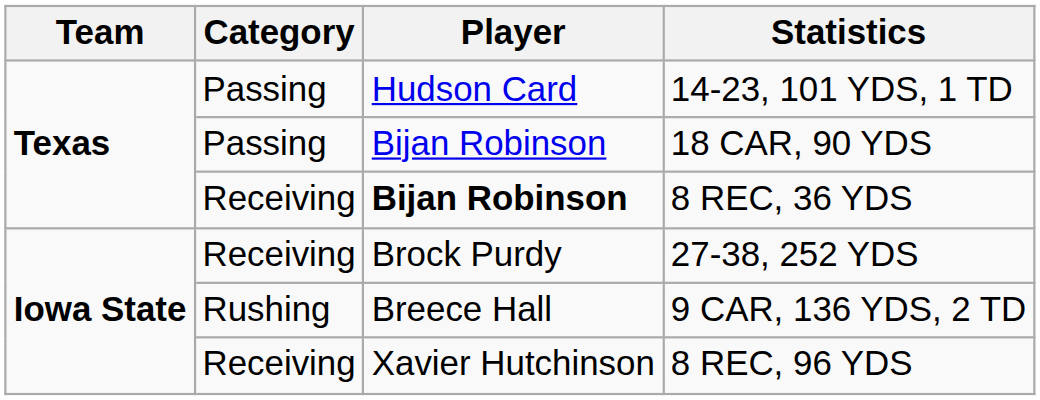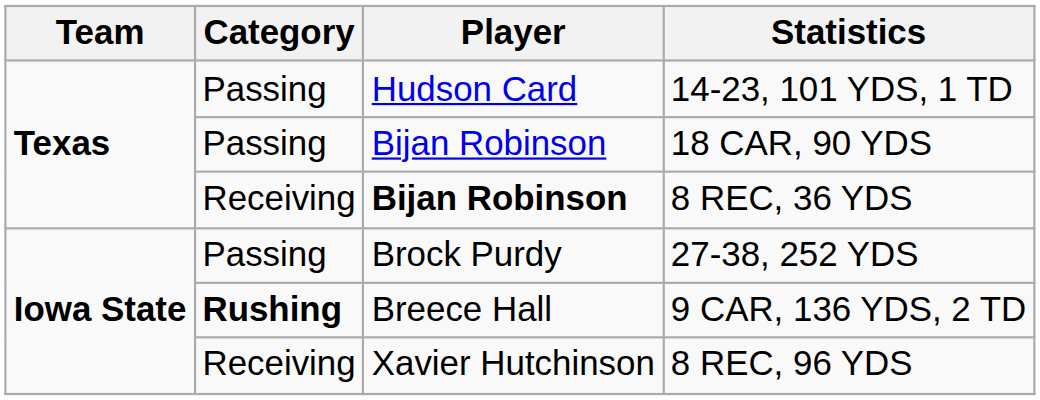 <table class="wikitable" style="float: right;">
 <tr>
 <th>Team</th>
 <th>Category</th>
 <th>Player</th>
 <th>Statistics</th>
 </tr>
 <tr>
 <td rowspan=3><strong>Texas</strong></td>
 <td>Passing</td>
 <td><a href='#'>Hudson Card</a></td>
 <td>14-23, 101 YDS, 1 TD</td>
 </tr>
 <tr>
 <td>Passing</td>
 <td><a href='#'>Bijan Robinson</a></td>
 <td>18 CAR, 90 YDS</td>
 </tr>
 <tr>
 <td>Receiving</td>
 <td><strong>Bijan Robinson</strong></td>
 <td>8 REC, 36 YDS</td>
 </tr>
 <tr>
 <td rowspan=3><strong>Iowa State</strong></td>
-<td>Receiving</td>
+<td>Passing</td>
 <td>Brock Purdy</td>
 <td>27-38, 252 YDS</td>
 </tr>
 <tr>
-<td>Rushing</td>
+<td><strong>Rushing</strong></td>
 <td>Breece Hall</td>
 <td>9 CAR, 136 YDS, 2 TD</td>
 </tr>
 <tr>
 <td>Receiving</td>
 <td>Xavier Hutchinson</td>
 <td>8 REC, 96 YDS</td>
 </tr>
 </table>
